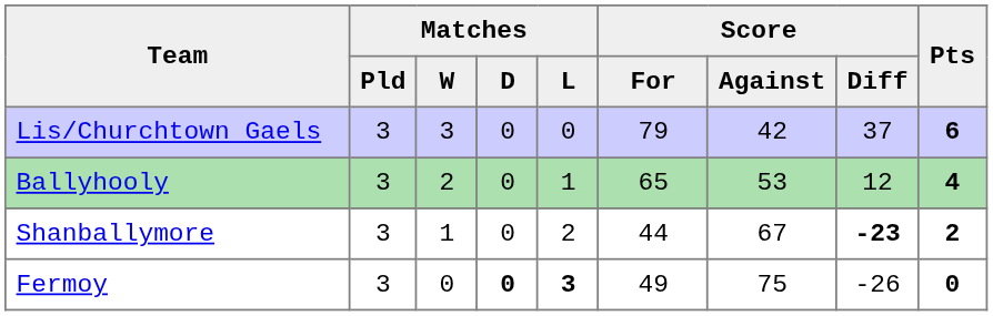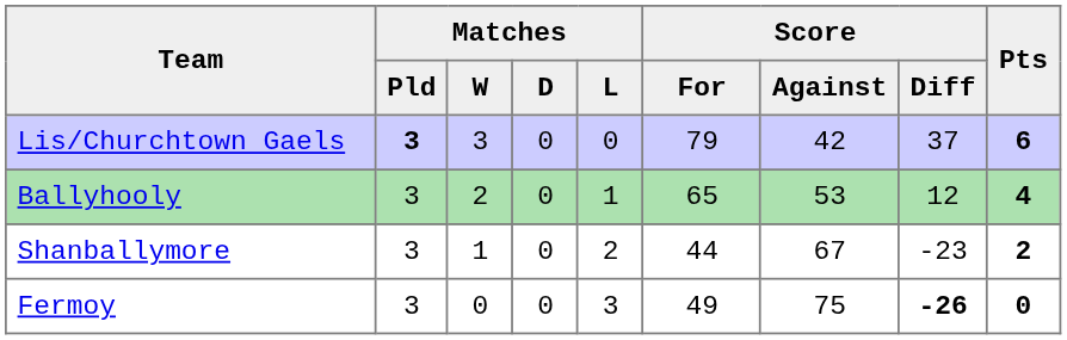 <table style=border-collapse:collapse border=1 cellspacing=0 cellpadding=5>
 <tr align=center bgcolor=#efefef>
 <th rowspan=2 width=165>Team</th>
 <th colspan=4>Matches</th>
 <th colspan=3>Score</th>
 <th rowspan=2width=20>Pts</th>
 </tr>
 <tr align=center bgcolor=#efefef>
 <th width=20>Pld</th>
 <th width=20>W</th>
 <th width=20>D</th>
 <th width=20>L</th>
 <th width=45>For</th>
 <th width=45>Against</th>
 <th width=30>Diff</th>
 </tr>
 <tr align=center style="background:#ccccff;">
 <td style="text-align:left;"><a href='#'>Lis/Churchtown Gaels</a></td>
-<td>3</td>
+<td><strong>3</strong></td>
 <td>3</td>
 <td>0</td>
 <td>0</td>
 <td>79</td>
 <td>42</td>
 <td>37</td>
 <td><strong>6</strong></td>
 </tr>
 <tr align=center style="background:#ACE1AF;">
 <td style="text-align:left;"><a href='#'>Ballyhooly</a></td>
 <td>3</td>
 <td>2</td>
 <td>0</td>
 <td>1</td>
 <td>65</td>
 <td>53</td>
 <td>12</td>
 <td><strong>4</strong></td>
 </tr>
 <tr align=center>
 <td style="text-align:left;"><a href='#'>Shanballymore</a></td>
 <td>3</td>
 <td>1</td>
 <td>0</td>
 <td>2</td>
 <td>44</td>
 <td>67</td>
-<td><strong>-23</strong></td>
+<td>-23</td>
 <td><strong>2</strong></td>
 </tr>
 <tr align=center>
 <td style="text-align:left;"><a href='#'>Fermoy</a></td>
 <td>3</td>
 <td>0</td>
-<td><strong>0</strong></td>
-<td><strong>3</strong></td>
+<td>0</td>
+<td>3</td>
 <td>49</td>
 <td>75</td>
-<td>-26</td>
+<td><strong>-26</strong></td>
 <td><strong>0</strong></td>
 </tr>
 </table>
